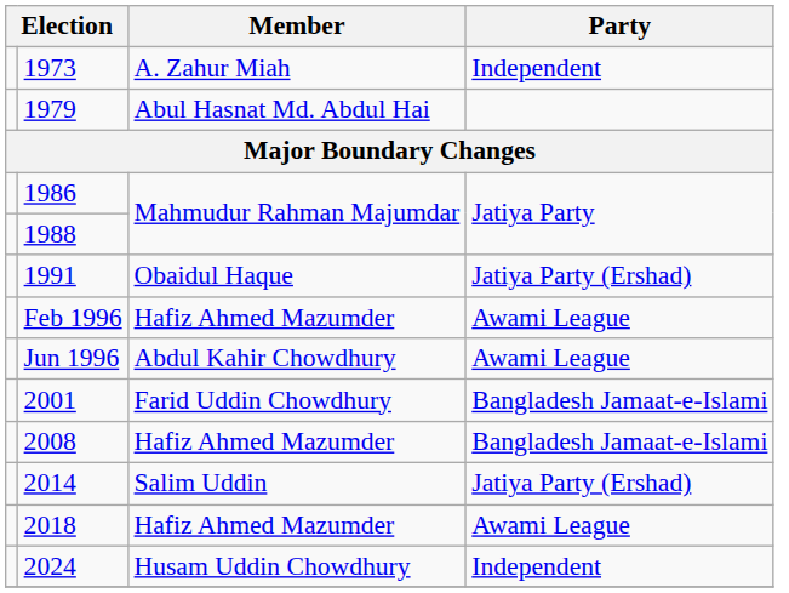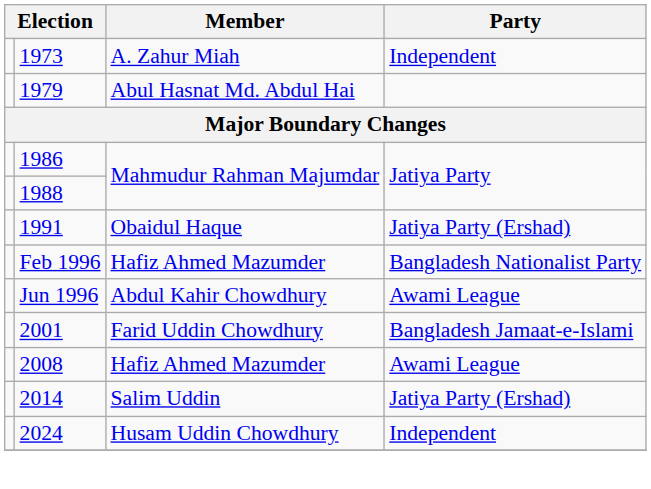 <table class="wikitable">
 <tr>
 <th colspan="2">Election</th>
 <th>Member</th>
 <th>Party</th>
 </tr>
 <tr>
 <td style="background-color:"></td>
 <td><a href='#'>1973</a></td>
 <td><a href='#'>A. Zahur Miah</a></td>
 <td><a href='#'>Independent</a></td>
 </tr>
 <tr>
 <td></td>
 <td><a href='#'>1979</a></td>
 <td><a href='#'>Abul Hasnat Md. Abdul Hai</a></td>
 <td></td>
 </tr>
 <tr>
 <th colspan="4">Major Boundary Changes</th>
 </tr>
 <tr>
 <td style="background-color:"></td>
 <td><a href='#'>1986</a></td>
 <td rowspan="2"><a href='#'>Mahmudur Rahman Majumdar</a></td>
 <td rowspan="2"><a href='#'>Jatiya Party</a></td>
 </tr>
 <tr>
 <td style="background-color:"></td>
 <td><a href='#'>1988</a></td>
 </tr>
 <tr>
 <td style="background-color:"></td>
 <td><a href='#'>1991</a></td>
 <td><a href='#'>Obaidul Haque</a></td>
 <td><a href='#'>Jatiya Party (Ershad)</a></td>
 </tr>
 <tr>
 <td style="background-color:"></td>
 <td><a href='#'>Feb 1996</a></td>
 <td><a href='#'>Hafiz Ahmed Mazumder</a></td>
-<td><a href='#'>Awami League</a></td>
+<td><a href='#'>Bangladesh Nationalist Party</a></td>
 </tr>
 <tr>
 <td style="background-color:"></td>
 <td><a href='#'>Jun 1996</a></td>
 <td><a href='#'>Abdul Kahir Chowdhury</a></td>
 <td><a href='#'>Awami League</a></td>
 </tr>
 <tr>
 <td style="background-color:"></td>
 <td><a href='#'>2001</a></td>
 <td><a href='#'>Farid Uddin Chowdhury</a></td>
 <td><a href='#'>Bangladesh Jamaat-e-Islami</a></td>
 </tr>
 <tr>
 <td style="background-color:"></td>
 <td><a href='#'>2008</a></td>
 <td><a href='#'>Hafiz Ahmed Mazumder</a></td>
-<td><a href='#'>Bangladesh Jamaat-e-Islami</a></td>
+<td><a href='#'>Awami League</a></td>
 </tr>
 <tr>
 <td style="background-color:"></td>
 <td><a href='#'>2014</a></td>
 <td><a href='#'>Salim Uddin</a></td>
 <td><a href='#'>Jatiya Party (Ershad)</a></td>
-</tr>
-<tr>
-<td style="background-color:"></td>
-<td><a href='#'>2018</a></td>
-<td><a href='#'>Hafiz Ahmed Mazumder</a></td>
-<td><a href='#'>Awami League</a></td>
 </tr>
 <tr>
 <td></td>
 <td><a href='#'>2024</a></td>
 <td><a href='#'>Husam Uddin Chowdhury</a></td>
 <td><a href='#'>Independent</a></td>
 </tr>
 <tr>
 </tr>
 </table>
